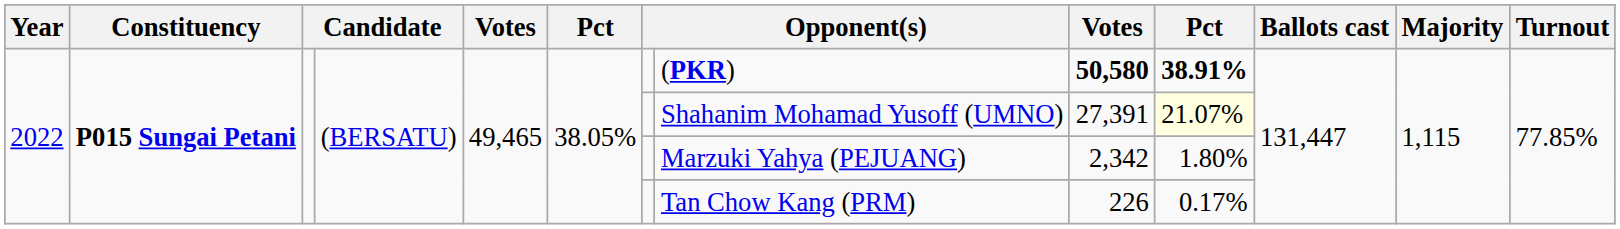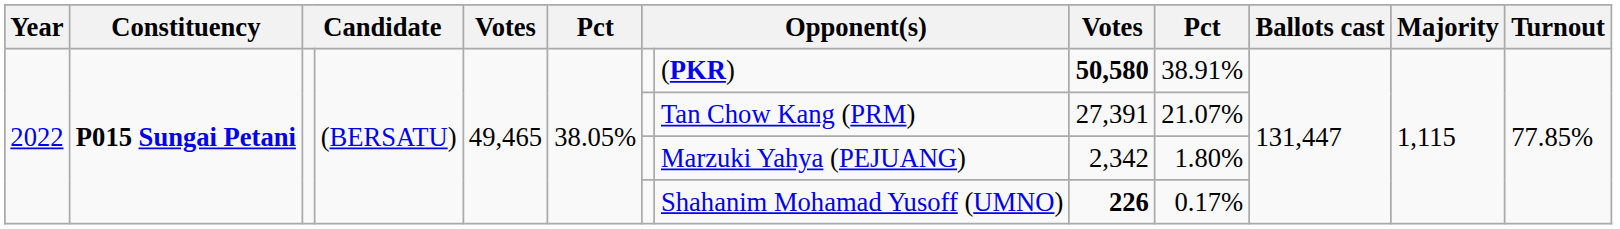 <table class="wikitable" style="margin:0.5em ; font-size:95%">
 <tr>
 <th>Year</th>
 <th>Constituency</th>
 <th colspan=2>Candidate</th>
 <th>Votes</th>
 <th>Pct</th>
 <th colspan=2>Opponent(s)</th>
 <th>Votes</th>
 <th>Pct</th>
 <th>Ballots cast</th>
 <th>Majority</th>
 <th>Turnout</th>
 </tr>
 <tr>
 <td rowspan="4"><a href='#'>2022</a></td>
 <td rowspan="4"><strong>P015 <a href='#'>Sungai Petani</a></strong></td>
 <td rowspan=4 bgcolor=></td>
 <td rowspan=4> (<a href='#'>BERSATU</a>)</td>
 <td rowspan=4 align="right">49,465</td>
 <td rowspan=4>38.05%</td>
 <td></td>
 <td> (<a href='#'><strong>PKR</strong></a>)</td>
 <td align="right"><strong>50,580</strong></td>
-<td><strong>38.91%</strong></td>
+<td>38.91%</td>
 <td rowspan=4>131,447</td>
 <td rowspan=4>1,115</td>
 <td rowspan=4>77.85%</td>
 </tr>
 <tr>
 <td></td>
-<td><a href='#'>Shahanim Mohamad Yusoff</a> (<a href='#'>UMNO</a>)</td>
+<td><a href='#'>Tan Chow Kang</a> (<a href='#'>PRM</a>)</td>
 <td align="right">27,391</td>
-<td style="background: lightyellow;">21.07%</td>
+<td>21.07%</td>
 </tr>
 <tr>
 <td bgcolor=></td>
 <td><a href='#'>Marzuki Yahya</a> (<a href='#'>PEJUANG</a>)</td>
 <td align="right">2,342</td>
 <td align="right">1.80%</td>
 </tr>
 <tr>
 <td bgcolor=></td>
-<td><a href='#'>Tan Chow Kang</a> (<a href='#'>PRM</a>)</td>
-<td align="right">226</td>
+<td><a href='#'>Shahanim Mohamad Yusoff</a> (<a href='#'>UMNO</a>)</td>
+<td align="right"><strong>226</strong></td>
 <td align="right">0.17%</td>
 </tr>
 </table>
